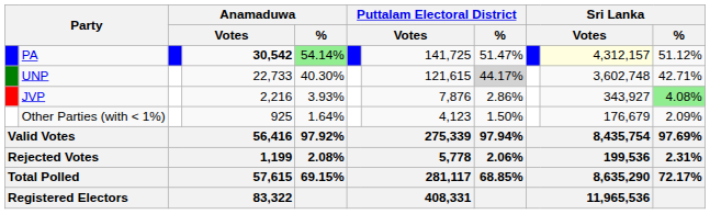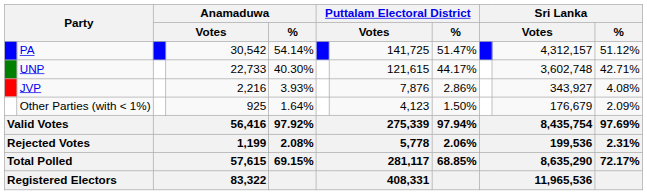 <table class="wikitable">
 <tr>
 <th colspan="2" width="144px"rowspan="2">Party</th>
 <th colspan="3" width="216px">Anamaduwa</th>
 <th colspan="3" width="216px"><a href='#'>Puttalam Electoral District</a></th>
 <th colspan="3" width="216px">Sri Lanka</th>
 </tr>
 <tr>
 <th colspan="2" width="144px">Votes</th>
 <th>%</th>
 <th colspan="2" width="144px">Votes</th>
 <th>%</th>
 <th colspan="2" width="144px">Votes</th>
 <th>%</th>
 </tr>
 <tr>
 <td style="background-color:blue;" width="10px"></td>
 <td style="text-align:left;"><a href='#'>PA</a></td>
 <td style="background-color:blue;" width="10px"></td>
-<td style="text-align:right;"><strong>30,542</strong></td>
-<td style="background: lightgreen; text-align:right;">54.14%</td>
+<td style="text-align:right;">30,542</td>
+<td style="text-align:right;">54.14%</td>
 <td style="background-color:blue;" width="10px"></td>
 <td style="text-align:right;">141,725</td>
 <td style="text-align:right;">51.47%</td>
 <td style="background-color:blue;" width="10px"></td>
-<td style="background: lightyellow; text-align:right;">4,312,157</td>
+<td style="text-align:right;">4,312,157</td>
 <td style="text-align:right;">51.12%</td>
 </tr>
 <tr>
 <td style="background-color:green;" width="10px"></td>
 <td style="text-align:left;"><a href='#'>UNP</a></td>
 <td style="background-color:white;" width="10px"></td>
 <td style="text-align:right;">22,733</td>
 <td style="text-align:right;">40.30%</td>
 <td style="background-color:white;" width="10px"></td>
 <td style="text-align:right;">121,615</td>
-<td style="background: lightgrey; text-align:right;">44.17%</td>
+<td style="text-align:right;">44.17%</td>
 <td style="background-color:white;" width="10px"></td>
 <td style="text-align:right;">3,602,748</td>
 <td style="text-align:right;">42.71%</td>
 </tr>
 <tr>
 <td style="background-color:red;" width="10px"></td>
 <td style="text-align:left;"><a href='#'>JVP</a></td>
 <td style="background-color:white;" width="10px"></td>
 <td style="text-align:right;">2,216</td>
 <td style="text-align:right;">3.93%</td>
 <td style="background-color:white;" width="10px"></td>
 <td style="text-align:right;">7,876</td>
 <td style="text-align:right;">2.86%</td>
 <td style="background-color:white;" width="10px"></td>
 <td style="text-align:right;">343,927</td>
-<td style="background: lightgreen; text-align:right;">4.08%</td>
+<td style="text-align:right;">4.08%</td>
 </tr>
 <tr>
 <td style="background-color:white;" width="10px"></td>
 <td style="text-align:left;">Other Parties (with < 1%)</td>
 <td style="background-color:white;" width="10px"></td>
 <td style="text-align:right;">925</td>
 <td style="text-align:right;">1.64%</td>
 <td style="background-color:white;" width="10px"></td>
 <td style="text-align:right;">4,123</td>
 <td style="text-align:right;">1.50%</td>
 <td style="background-color:white;" width="10px"></td>
 <td style="text-align:right;">176,679</td>
 <td style="text-align:right;">2.09%</td>
 </tr>
 <tr>
 <th colspan="2" width="144px"style="text-align:left;">Valid Votes</th>
 <th style="text-align:right;"colspan="2" width="144px">56,416</th>
 <th style="text-align:right;">97.92%</th>
 <th style="text-align:right;"colspan="2" width="144px">275,339</th>
 <th style="text-align:right;">97.94%</th>
 <th style="text-align:right;"colspan="2" width="144px">8,435,754</th>
 <th style="text-align:right;">97.69%</th>
 </tr>
 <tr>
 <th colspan="2" width="144px"style="text-align:left;">Rejected Votes</th>
 <th style="text-align:right;"colspan="2" width="144px">1,199</th>
 <th style="text-align:right;">2.08%</th>
 <th style="text-align:right;"colspan="2" width="144px">5,778</th>
 <th style="text-align:right;">2.06%</th>
 <th style="text-align:right;"colspan="2" width="144px">199,536</th>
 <th style="text-align:right;">2.31%</th>
 </tr>
 <tr>
 <th colspan="2" width="144px"style="text-align:left;">Total Polled</th>
 <th style="text-align:right;"colspan="2" width="144px">57,615</th>
 <th style="text-align:right;">69.15%</th>
 <th style="text-align:right;"colspan="2" width="144px">281,117</th>
 <th style="text-align:right;">68.85%</th>
 <th style="text-align:right;"colspan="2" width="144px">8,635,290</th>
 <th style="text-align:right;">72.17%</th>
 </tr>
 <tr>
 <th colspan="2" width="144px"style="text-align:left;">Registered Electors</th>
 <th style="text-align:right;"colspan="2" width="144px">83,322</th>
 <th></th>
 <th style="text-align:right;"colspan="2" width="144px">408,331</th>
 <th></th>
 <th style="text-align:right;"colspan="2" width="144px">11,965,536</th>
 <th></th>
 </tr>
 </table>
